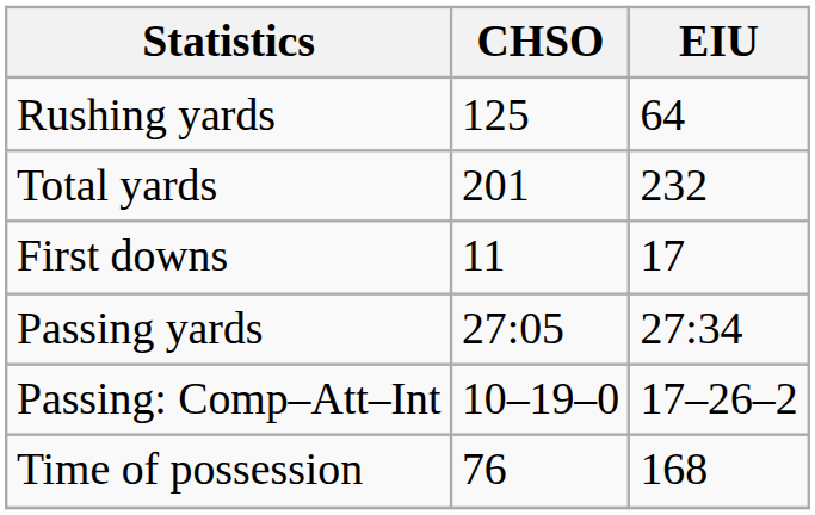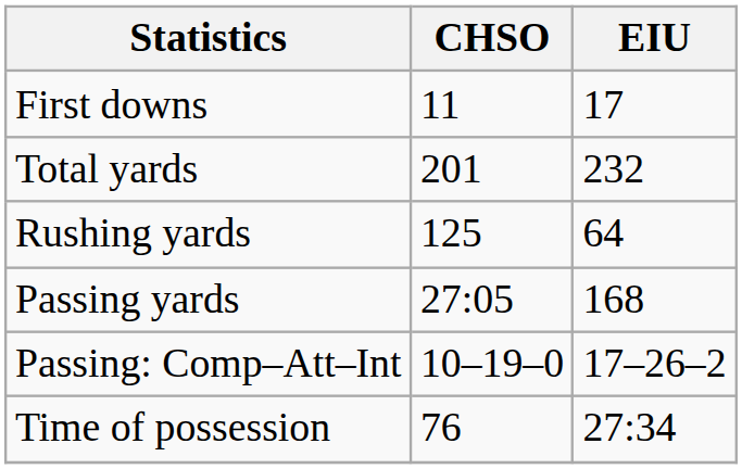 <table class="wikitable" style="float: left;">
 <tr>
 <th>Statistics</th>
 <th>CHSO</th>
 <th>EIU</th>
 </tr>
 <tr>
-<td>Rushing yards</td>
-<td>125</td>
-<td>64</td>
+<td>First downs</td>
+<td>11</td>
+<td>17</td>
 </tr>
 <tr>
 <td>Total yards</td>
 <td>201</td>
 <td>232</td>
 </tr>
 <tr>
-<td>First downs</td>
-<td>11</td>
-<td>17</td>
+<td>Rushing yards</td>
+<td>125</td>
+<td>64</td>
 </tr>
 <tr>
 <td>Passing yards</td>
 <td>27:05</td>
-<td>27:34</td>
+<td>168</td>
 </tr>
 <tr>
 <td>Passing: Comp–Att–Int</td>
 <td>10–19–0</td>
 <td>17–26–2</td>
 </tr>
 <tr>
 <td>Time of possession</td>
 <td>76</td>
-<td>168</td>
+<td>27:34</td>
 </tr>
 <tr>
 </tr>
 </table>
